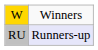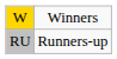 <table class="wikitable" style="text-align:center; float:right; margin-left:1em">
 <tr>
 <td style=background:gold>W</td>
 <td>Winners</td>
 </tr>
 <tr>
 <td style=background:silver>RU</td>
-<td style="background: lavender;">Runners-up</td>
+<td>Runners-up</td>
 </tr>
 </table>
